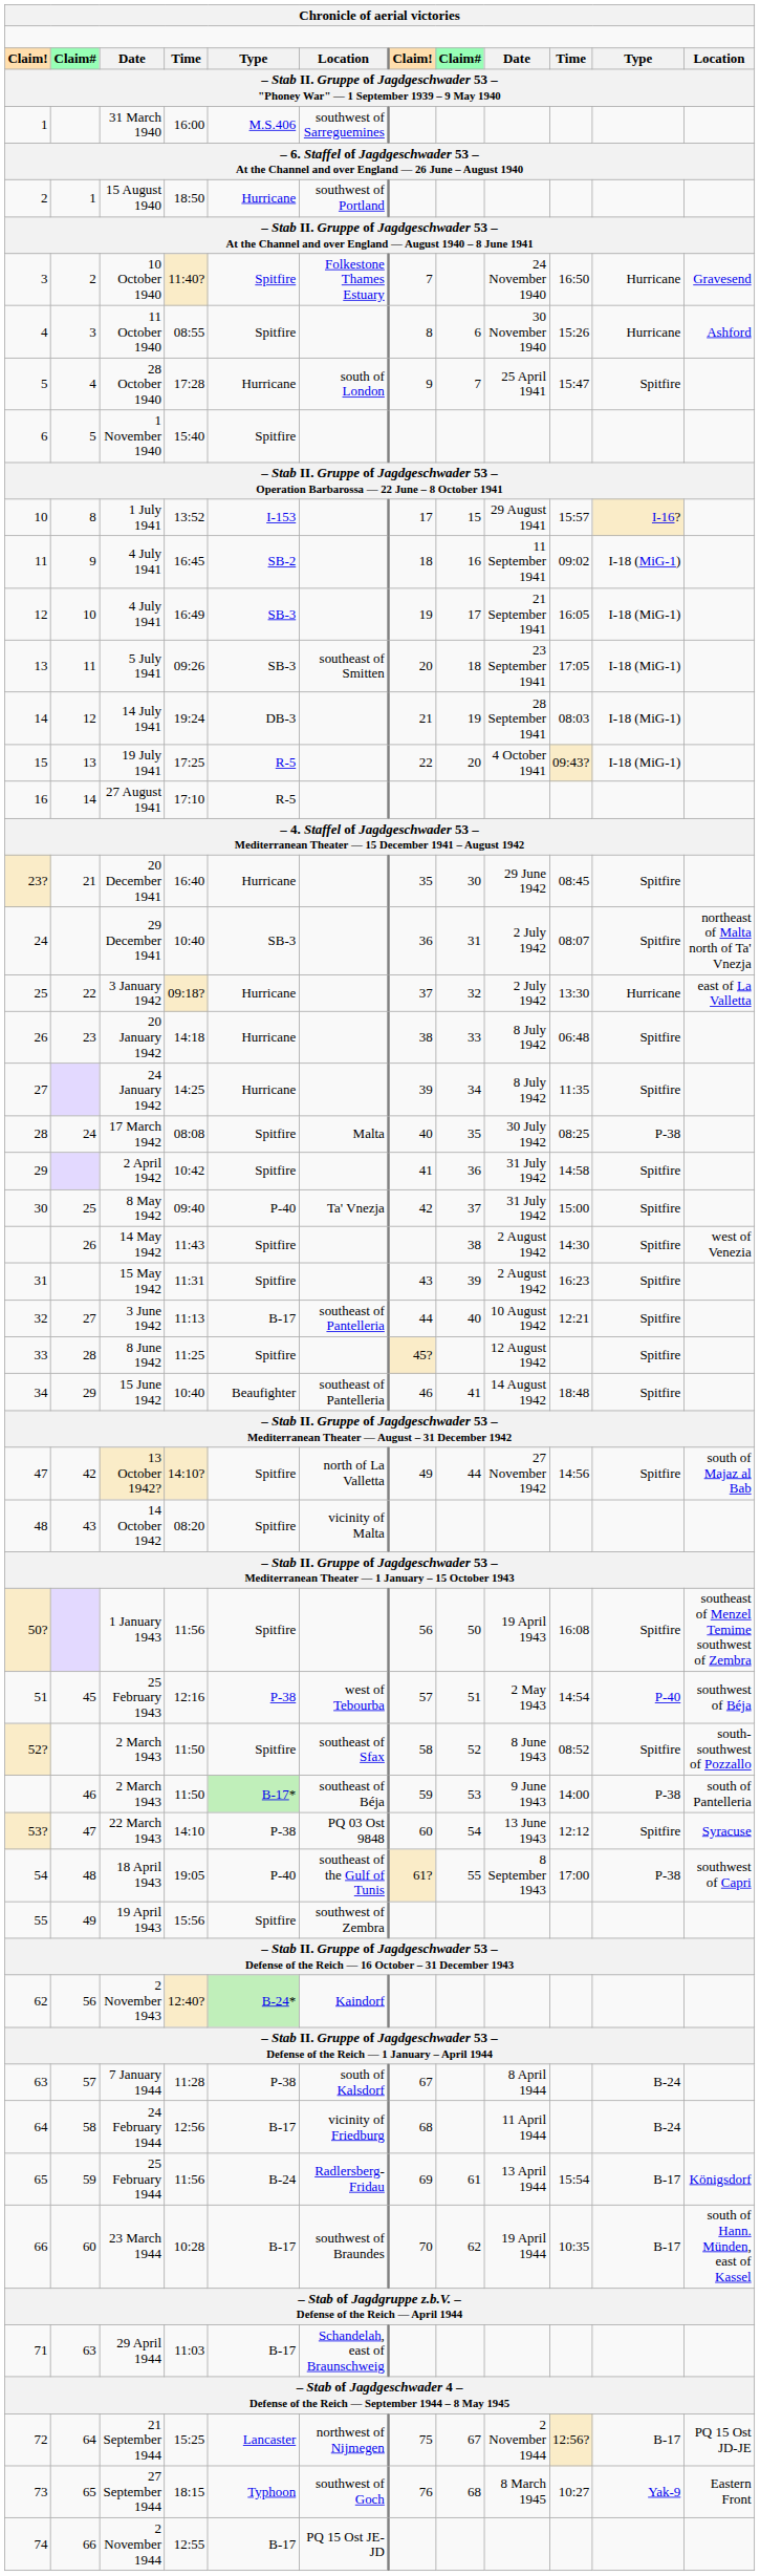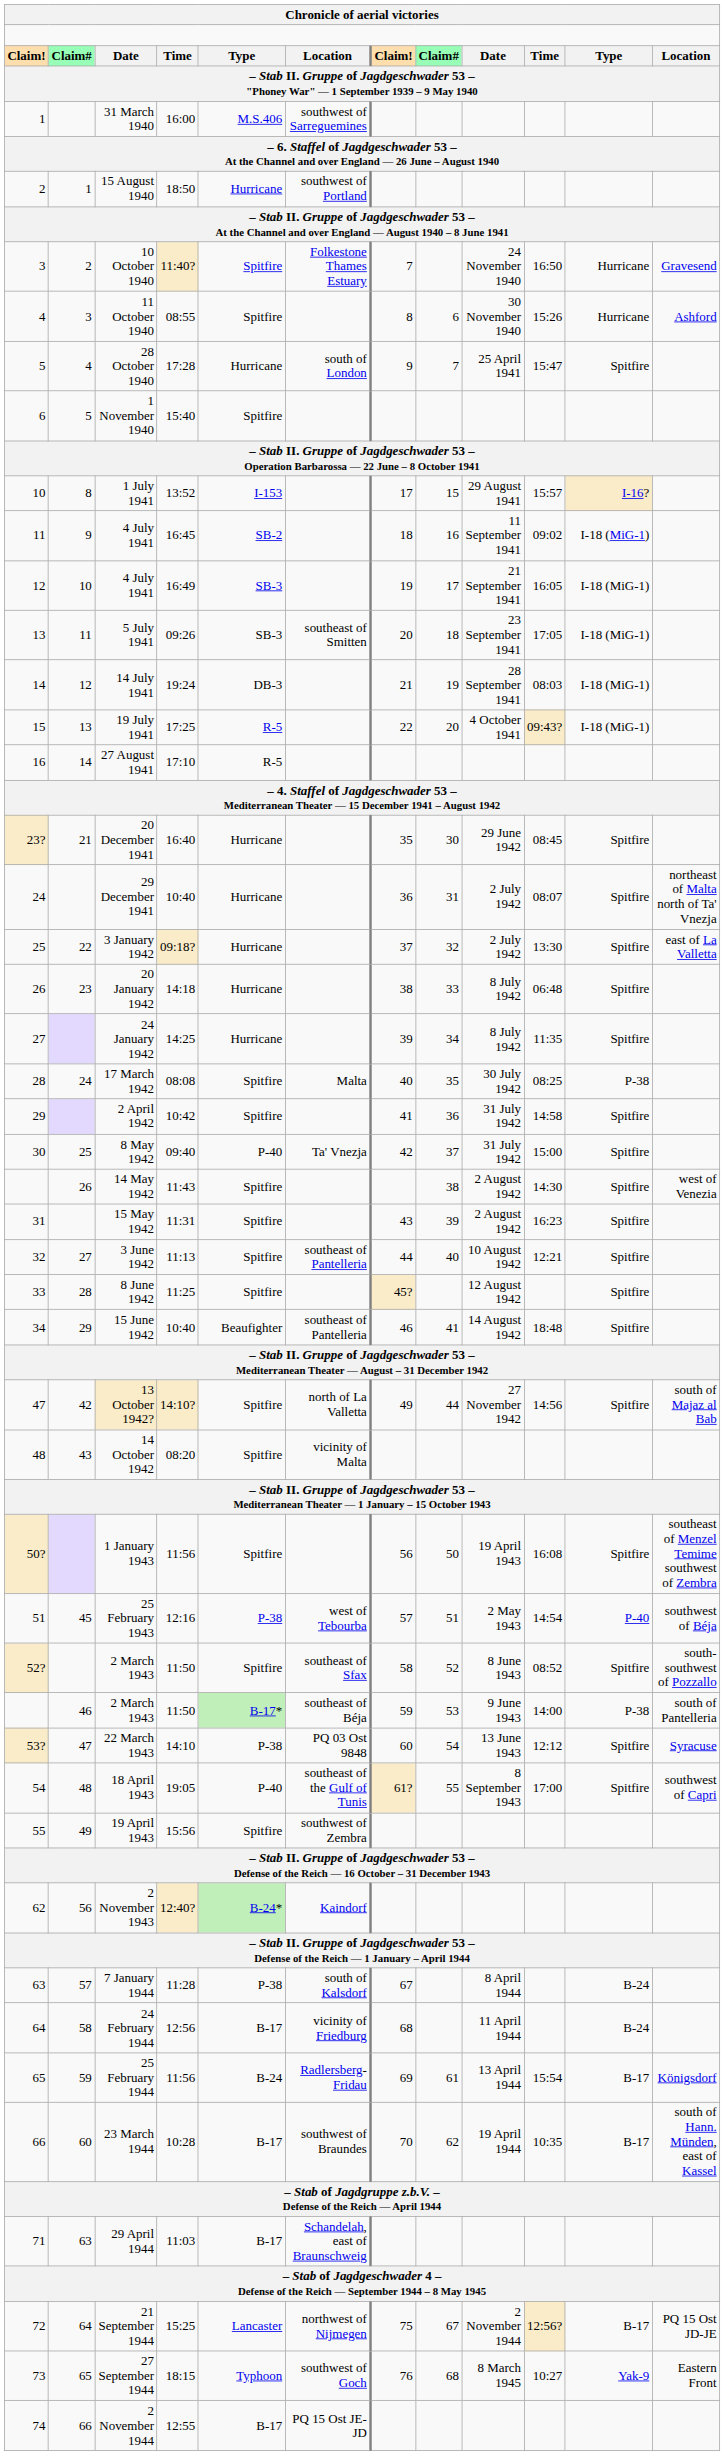 <table class="wikitable plainrowheaders collapsible" style="margin-left: auto; margin-right: auto; border: none; text-align:right; width: 100%;">
 <tr>
 <th colspan="12">Chronicle of aerial victories</th>
 </tr>
 <tr>
 <td colspan="12" style="text-align: left;"><br>    </td>
 </tr>
 <tr>
 <th scope="col" style="background:#ffdead">Claim!</th>
 <th scope="col" style="background:#97ffb6">Claim#</th>
 <th scope="col">Date</th>
 <th scope="col">Time</th>
 <th scope="col" width="100px">Type</th>
 <th scope="col">Location</th>
 <th scope="col" style="border-left: 3px solid grey; background:#ffdead">Claim!</th>
 <th scope="col" style="background:#97ffb6">Claim#</th>
 <th scope="col">Date</th>
 <th scope="col">Time</th>
 <th scope="col" width="100px">Type</th>
 <th scope="col">Location</th>
 </tr>
 <tr>
 <th colspan="12">– <em>Stab</em> II. <em>Gruppe</em> of <em>Jagdgeschwader</em> 53 –<br><small>"Phoney War" — 1 September 1939 – 9 May 1940</small></th>
 </tr>
 <tr>
 <td>1</td>
 <td></td>
 <td>31 March 1940</td>
 <td>16:00</td>
 <td><a href='#'>M.S.406</a></td>
 <td>southwest of <a href='#'>Sarreguemines</a></td>
 <td style="border-left: 3px solid grey;"></td>
 <td></td>
 <td></td>
 <td></td>
 <td></td>
 <td></td>
 </tr>
 <tr>
 <th colspan="12">– 6. <em>Staffel</em> of <em>Jagdgeschwader</em> 53 –<br><small>At the Channel and over England — 26 June – August 1940</small></th>
 </tr>
 <tr>
 <td>2</td>
 <td>1</td>
 <td>15 August 1940</td>
 <td>18:50</td>
 <td><a href='#'>Hurricane</a></td>
 <td>southwest of <a href='#'>Portland</a></td>
 <td style="border-left: 3px solid grey;"></td>
 <td></td>
 <td></td>
 <td></td>
 <td></td>
 <td></td>
 </tr>
 <tr>
 <th colspan="12">– <em>Stab</em> II. <em>Gruppe</em> of <em>Jagdgeschwader</em> 53 –<br><small>At the Channel and over England — August 1940 – 8 June 1941</small></th>
 </tr>
 <tr>
 <td>3</td>
 <td>2</td>
 <td>10 October 1940</td>
 <td style="background:#faecc8">11:40?</td>
 <td><a href='#'>Spitfire</a></td>
 <td><a href='#'>Folkestone</a><br><a href='#'>Thames Estuary</a></td>
 <td style="border-left: 3px solid grey;">7</td>
 <td></td>
 <td>24 November 1940</td>
 <td>16:50</td>
 <td>Hurricane</td>
 <td><a href='#'>Gravesend</a></td>
 </tr>
 <tr>
 <td>4</td>
 <td>3</td>
 <td>11 October 1940</td>
 <td>08:55</td>
 <td>Spitfire</td>
 <td></td>
 <td style="border-left: 3px solid grey;">8</td>
 <td>6</td>
 <td>30 November 1940</td>
 <td>15:26</td>
 <td>Hurricane</td>
 <td><a href='#'>Ashford</a></td>
 </tr>
 <tr>
 <td>5</td>
 <td>4</td>
 <td>28 October 1940</td>
 <td>17:28</td>
 <td>Hurricane</td>
 <td> south of <a href='#'>London</a></td>
 <td style="border-left: 3px solid grey;">9</td>
 <td>7</td>
 <td>25 April 1941</td>
 <td>15:47</td>
 <td>Spitfire</td>
 <td></td>
 </tr>
 <tr>
 <td>6</td>
 <td>5</td>
 <td>1 November 1940</td>
 <td>15:40</td>
 <td>Spitfire</td>
 <td></td>
 <td style="border-left: 3px solid grey;"></td>
 <td></td>
 <td></td>
 <td></td>
 <td></td>
 <td></td>
 </tr>
 <tr>
 <th colspan="12">– <em>Stab</em> II. <em>Gruppe</em> of <em>Jagdgeschwader</em> 53 –<br><small>Operation Barbarossa — 22 June – 8 October 1941</small></th>
 </tr>
 <tr>
 <td>10</td>
 <td>8</td>
 <td>1 July 1941</td>
 <td>13:52</td>
 <td><a href='#'>I-153</a></td>
 <td></td>
 <td style="border-left: 3px solid grey;">17</td>
 <td>15</td>
 <td>29 August 1941</td>
 <td>15:57</td>
 <td style="background:#faecc8"><a href='#'>I-16</a>?</td>
 <td></td>
 </tr>
 <tr>
 <td>11</td>
 <td>9</td>
 <td>4 July 1941</td>
 <td>16:45</td>
 <td><a href='#'>SB-2</a></td>
 <td></td>
 <td style="border-left: 3px solid grey;">18</td>
 <td>16</td>
 <td>11 September 1941</td>
 <td>09:02</td>
 <td>I-18 (<a href='#'>MiG-1</a>)</td>
 <td></td>
 </tr>
 <tr>
 <td>12</td>
 <td>10</td>
 <td>4 July 1941</td>
 <td>16:49</td>
 <td><a href='#'>SB-3</a></td>
 <td></td>
 <td style="border-left: 3px solid grey;">19</td>
 <td>17</td>
 <td>21 September 1941</td>
 <td>16:05</td>
 <td>I-18 (MiG-1)</td>
 <td></td>
 </tr>
 <tr>
 <td>13</td>
 <td>11</td>
 <td>5 July 1941</td>
 <td>09:26</td>
 <td>SB-3</td>
 <td>southeast of Smitten</td>
 <td style="border-left: 3px solid grey;">20</td>
 <td>18</td>
 <td>23 September 1941</td>
 <td>17:05</td>
 <td>I-18 (MiG-1)</td>
 <td></td>
 </tr>
 <tr>
 <td>14</td>
 <td>12</td>
 <td>14 July 1941</td>
 <td>19:24</td>
 <td>DB-3</td>
 <td></td>
 <td style="border-left: 3px solid grey;">21</td>
 <td>19</td>
 <td>28 September 1941</td>
 <td>08:03</td>
 <td>I-18 (MiG-1)</td>
 <td></td>
 </tr>
 <tr>
 <td>15</td>
 <td>13</td>
 <td>19 July 1941</td>
 <td>17:25</td>
 <td><a href='#'>R-5</a></td>
 <td></td>
 <td style="border-left: 3px solid grey;">22</td>
 <td>20</td>
 <td>4 October 1941</td>
 <td style="background:#faecc8">09:43?</td>
 <td>I-18 (MiG-1)</td>
 <td></td>
 </tr>
 <tr>
 <td>16</td>
 <td>14</td>
 <td>27 August 1941</td>
 <td>17:10</td>
 <td>R-5</td>
 <td></td>
 <td style="border-left: 3px solid grey;"></td>
 <td></td>
 <td></td>
 <td></td>
 <td></td>
 <td></td>
 </tr>
 <tr>
 <th colspan="12">– 4. <em>Staffel</em> of <em>Jagdgeschwader</em> 53 –<br><small>Mediterranean Theater — 15 December 1941 – August 1942</small></th>
 </tr>
 <tr>
 <td style="background:#faecc8">23?</td>
 <td>21</td>
 <td>20 December 1941</td>
 <td>16:40</td>
 <td>Hurricane</td>
 <td></td>
 <td style="border-left: 3px solid grey;">35</td>
 <td>30</td>
 <td>29 June 1942</td>
 <td>08:45</td>
 <td>Spitfire</td>
 <td></td>
 </tr>
 <tr>
 <td>24</td>
 <td></td>
 <td>29 December 1941</td>
 <td>10:40</td>
-<td>SB-3</td>
+<td>Hurricane</td>
 <td></td>
 <td style="border-left: 3px solid grey;">36</td>
 <td>31</td>
 <td>2 July 1942</td>
 <td>08:07</td>
 <td>Spitfire</td>
 <td> northeast of <a href='#'>Malta</a><br> north of Ta' Vnezja</td>
 </tr>
 <tr>
 <td>25</td>
 <td>22</td>
 <td>3 January 1942</td>
 <td style="background:#faecc8">09:18?</td>
 <td>Hurricane</td>
 <td></td>
 <td style="border-left: 3px solid grey;">37</td>
 <td>32</td>
 <td>2 July 1942</td>
 <td>13:30</td>
-<td>Hurricane</td>
+<td>Spitfire</td>
 <td> east of <a href='#'>La Valletta</a></td>
 </tr>
 <tr>
 <td>26</td>
 <td>23</td>
 <td>20 January 1942</td>
 <td>14:18</td>
 <td>Hurricane</td>
 <td></td>
 <td style="border-left: 3px solid grey;">38</td>
 <td>33</td>
 <td>8 July 1942</td>
 <td>06:48</td>
 <td>Spitfire</td>
 <td></td>
 </tr>
 <tr>
 <td>27</td>
 <td style="background:#e3d9ff;"></td>
 <td>24 January 1942</td>
 <td>14:25</td>
 <td>Hurricane</td>
 <td></td>
 <td style="border-left: 3px solid grey;">39</td>
 <td>34</td>
 <td>8 July 1942</td>
 <td>11:35</td>
 <td>Spitfire</td>
 <td></td>
 </tr>
 <tr>
 <td>28</td>
 <td>24</td>
 <td>17 March 1942</td>
 <td>08:08</td>
 <td>Spitfire</td>
 <td>Malta</td>
 <td style="border-left: 3px solid grey;">40</td>
 <td>35</td>
 <td>30 July 1942</td>
 <td>08:25</td>
 <td>P-38</td>
 <td></td>
 </tr>
 <tr>
 <td>29</td>
 <td style="background:#e3d9ff;"></td>
 <td>2 April 1942</td>
 <td>10:42</td>
 <td>Spitfire</td>
 <td></td>
 <td style="border-left: 3px solid grey;">41</td>
 <td>36</td>
 <td>31 July 1942</td>
 <td>14:58</td>
 <td>Spitfire</td>
 <td></td>
 </tr>
 <tr>
 <td>30</td>
 <td>25</td>
 <td>8 May 1942</td>
 <td>09:40</td>
 <td>P-40</td>
 <td>Ta' Vnezja</td>
 <td style="border-left: 3px solid grey;">42</td>
 <td>37</td>
 <td>31 July 1942</td>
 <td>15:00</td>
 <td>Spitfire</td>
 <td></td>
 </tr>
 <tr>
 <td></td>
 <td>26</td>
 <td>14 May 1942</td>
 <td>11:43</td>
 <td>Spitfire</td>
 <td></td>
 <td style="border-left: 3px solid grey;"></td>
 <td>38</td>
 <td>2 August 1942</td>
 <td>14:30</td>
 <td>Spitfire</td>
 <td> west of Venezia</td>
 </tr>
 <tr>
 <td>31</td>
 <td></td>
 <td>15 May 1942</td>
 <td>11:31</td>
 <td>Spitfire</td>
 <td></td>
 <td style="border-left: 3px solid grey;">43</td>
 <td>39</td>
 <td>2 August 1942</td>
 <td>16:23</td>
 <td>Spitfire</td>
 <td></td>
 </tr>
 <tr>
 <td>32</td>
 <td>27</td>
 <td>3 June 1942</td>
 <td>11:13</td>
-<td>B-17</td>
+<td>Spitfire</td>
 <td> southeast of <a href='#'>Pantelleria</a></td>
 <td style="border-left: 3px solid grey;">44</td>
 <td>40</td>
 <td>10 August 1942</td>
 <td>12:21</td>
 <td>Spitfire</td>
 <td></td>
 </tr>
 <tr>
 <td>33</td>
 <td>28</td>
 <td>8 June 1942</td>
 <td>11:25</td>
 <td>Spitfire</td>
 <td></td>
 <td style="border-left: 3px solid grey; background:#faecc8">45?</td>
 <td></td>
 <td>12 August 1942</td>
 <td></td>
 <td>Spitfire</td>
 <td></td>
 </tr>
 <tr>
 <td>34</td>
 <td>29</td>
 <td>15 June 1942</td>
 <td>10:40</td>
 <td>Beaufighter</td>
 <td> southeast of Pantelleria</td>
 <td style="border-left: 3px solid grey;">46</td>
 <td>41</td>
 <td>14 August 1942</td>
 <td>18:48</td>
 <td>Spitfire</td>
 <td></td>
 </tr>
 <tr>
 <th colspan="12">– <em>Stab</em> II. <em>Gruppe</em> of <em>Jagdgeschwader</em> 53 –<br><small>Mediterranean Theater — August – 31 December 1942</small></th>
 </tr>
 <tr>
 <td>47</td>
 <td>42</td>
 <td style="background:#faecc8">13 October 1942?</td>
 <td style="background:#faecc8">14:10?</td>
 <td>Spitfire</td>
 <td> north of La Valletta</td>
 <td style="border-left: 3px solid grey;">49</td>
 <td>44</td>
 <td>27 November 1942</td>
 <td>14:56</td>
 <td>Spitfire</td>
 <td> south of <a href='#'>Majaz al Bab</a></td>
 </tr>
 <tr>
 <td>48</td>
 <td>43</td>
 <td>14 October 1942</td>
 <td>08:20</td>
 <td>Spitfire</td>
 <td>vicinity of Malta</td>
 <td style="border-left: 3px solid grey;"></td>
 <td></td>
 <td></td>
 <td></td>
 <td></td>
 <td></td>
 </tr>
 <tr>
 <th colspan="12">– <em>Stab</em> II. <em>Gruppe</em> of <em>Jagdgeschwader</em> 53 –<br><small>Mediterranean Theater — 1 January – 15 October 1943</small></th>
 </tr>
 <tr>
 <td style="background:#faecc8">50?</td>
 <td style="background:#e3d9ff;"></td>
 <td>1 January 1943</td>
 <td>11:56</td>
 <td>Spitfire</td>
 <td></td>
 <td style="border-left: 3px solid grey;">56</td>
 <td>50</td>
 <td>19 April 1943</td>
 <td>16:08</td>
 <td>Spitfire</td>
 <td> southeast of <a href='#'>Menzel Temime</a><br> southwest of <a href='#'>Zembra</a></td>
 </tr>
 <tr>
 <td>51</td>
 <td>45</td>
 <td>25 February 1943</td>
 <td>12:16</td>
 <td><a href='#'>P-38</a></td>
 <td> west of <a href='#'>Tebourba</a></td>
 <td style="border-left: 3px solid grey;">57</td>
 <td>51</td>
 <td>2 May 1943</td>
 <td>14:54</td>
 <td><a href='#'>P-40</a></td>
 <td>southwest of <a href='#'>Béja</a></td>
 </tr>
 <tr>
 <td style="background:#faecc8">52?</td>
 <td></td>
 <td>2 March 1943</td>
 <td>11:50</td>
 <td>Spitfire</td>
 <td> southeast of <a href='#'>Sfax</a></td>
 <td style="border-left: 3px solid grey;">58</td>
 <td>52</td>
 <td>8 June 1943</td>
 <td>08:52</td>
 <td>Spitfire</td>
 <td> south-southwest of <a href='#'>Pozzallo</a></td>
 </tr>
 <tr>
 <td></td>
 <td>46</td>
 <td>2 March 1943</td>
 <td>11:50</td>
 <td style="background:#C0EFBA"><a href='#'>B-17</a>*</td>
 <td> southeast of Béja</td>
 <td style="border-left: 3px solid grey;">59</td>
 <td>53</td>
 <td>9 June 1943</td>
 <td>14:00</td>
 <td>P-38</td>
 <td> south of Pantelleria</td>
 </tr>
 <tr>
 <td style="background:#faecc8">53?</td>
 <td>47</td>
 <td>22 March 1943</td>
 <td>14:10</td>
 <td>P-38</td>
 <td>PQ 03 Ost 9848</td>
 <td style="border-left: 3px solid grey;">60</td>
 <td>54</td>
 <td>13 June 1943</td>
 <td>12:12</td>
 <td>Spitfire</td>
 <td><a href='#'>Syracuse</a></td>
 </tr>
 <tr>
 <td>54</td>
 <td>48</td>
 <td>18 April 1943</td>
 <td>19:05</td>
 <td>P-40</td>
 <td> southeast of the <a href='#'>Gulf of Tunis</a></td>
 <td style="border-left: 3px solid grey; background:#faecc8">61?</td>
 <td>55</td>
 <td>8 September 1943</td>
 <td>17:00</td>
-<td>P-38</td>
+<td>Spitfire</td>
 <td> southwest of <a href='#'>Capri</a></td>
 </tr>
 <tr>
 <td>55</td>
 <td>49</td>
 <td>19 April 1943</td>
 <td>15:56</td>
 <td>Spitfire</td>
 <td> southwest of Zembra</td>
 <td style="border-left: 3px solid grey;"></td>
 <td></td>
 <td></td>
 <td></td>
 <td></td>
 <td></td>
 </tr>
 <tr>
 <th colspan="12">– <em>Stab</em> II. <em>Gruppe</em> of <em>Jagdgeschwader</em> 53 –<br><small>Defense of the Reich — 16 October – 31 December 1943</small></th>
 </tr>
 <tr>
 <td>62</td>
 <td>56</td>
 <td>2 November 1943</td>
 <td style="background:#faecc8">12:40?</td>
 <td style="background:#C0EFBA"><a href='#'>B-24</a>*</td>
 <td><a href='#'>Kaindorf</a></td>
 <td style="border-left: 3px solid grey;"></td>
 <td></td>
 <td></td>
 <td></td>
 <td></td>
 <td></td>
 </tr>
 <tr>
 <th colspan="12">– <em>Stab</em> II. <em>Gruppe</em> of <em>Jagdgeschwader</em> 53 –<br><small>Defense of the Reich — 1 January – April 1944</small></th>
 </tr>
 <tr>
 <td>63</td>
 <td>57</td>
 <td>7 January 1944</td>
 <td>11:28</td>
 <td>P-38</td>
 <td> south of <a href='#'>Kalsdorf</a></td>
 <td style="border-left: 3px solid grey;">67</td>
 <td></td>
 <td>8 April 1944</td>
 <td></td>
 <td>B-24</td>
 <td></td>
 </tr>
 <tr>
 <td>64</td>
 <td>58</td>
 <td>24 February 1944</td>
 <td>12:56</td>
 <td>B-17</td>
 <td>vicinity of <a href='#'>Friedburg</a></td>
 <td style="border-left: 3px solid grey;">68</td>
 <td></td>
 <td>11 April 1944</td>
 <td></td>
 <td>B-24</td>
 <td></td>
 </tr>
 <tr>
 <td>65</td>
 <td>59</td>
 <td>25 February 1944</td>
 <td>11:56</td>
 <td>B-24</td>
 <td><a href='#'>Radlersberg</a>-<a href='#'>Fridau</a></td>
 <td style="border-left: 3px solid grey;">69</td>
 <td>61</td>
 <td>13 April 1944</td>
 <td>15:54</td>
 <td>B-17</td>
 <td><a href='#'>Königsdorf</a></td>
 </tr>
 <tr>
 <td>66</td>
 <td>60</td>
 <td>23 March 1944</td>
 <td>10:28</td>
 <td>B-17</td>
 <td>southwest of Braundes</td>
 <td style="border-left: 3px solid grey;">70</td>
 <td>62</td>
 <td>19 April 1944</td>
 <td>10:35</td>
 <td>B-17</td>
 <td>south of <a href='#'>Hann. Münden</a>, east of <a href='#'>Kassel</a></td>
 </tr>
 <tr>
 <th colspan="12">– <em>Stab</em> of <em>Jagdgruppe z.b.V.</em> –<br><small>Defense of the Reich — April 1944</small></th>
 </tr>
 <tr>
 <td>71</td>
 <td>63</td>
 <td>29 April 1944</td>
 <td>11:03</td>
 <td>B-17</td>
 <td><a href='#'>Schandelah</a>, east of <a href='#'>Braunschweig</a></td>
 <td style="border-left: 3px solid grey;"></td>
 <td></td>
 <td></td>
 <td></td>
 <td></td>
 <td></td>
 </tr>
 <tr>
 <th colspan="12">– <em>Stab</em> of <em>Jagdgeschwader</em> 4 –<br><small>Defense of the Reich — September 1944 – 8 May 1945</small></th>
 </tr>
 <tr>
 <td>72</td>
 <td>64</td>
 <td>21 September 1944</td>
 <td>15:25</td>
 <td><a href='#'>Lancaster</a></td>
 <td>northwest of <a href='#'>Nijmegen</a></td>
 <td style="border-left: 3px solid grey;">75</td>
 <td>67</td>
 <td>2 November 1944</td>
 <td style="background:#faecc8">12:56?</td>
 <td>B-17</td>
 <td>PQ 15 Ost JD-JE</td>
 </tr>
 <tr>
 <td>73</td>
 <td>65</td>
 <td>27 September 1944</td>
 <td>18:15</td>
 <td><a href='#'>Typhoon</a></td>
 <td>southwest of <a href='#'>Goch</a></td>
 <td style="border-left: 3px solid grey;">76</td>
 <td>68</td>
 <td>8 March 1945</td>
 <td>10:27</td>
 <td><a href='#'>Yak-9</a></td>
 <td>Eastern Front</td>
 </tr>
 <tr>
 <td>74</td>
 <td>66</td>
 <td>2 November 1944</td>
 <td>12:55</td>
 <td>B-17</td>
 <td>PQ 15 Ost JE-JD</td>
 <td style="border-left: 3px solid grey;"></td>
 <td></td>
 <td></td>
 <td></td>
 <td></td>
 <td></td>
 </tr>
 </table>
